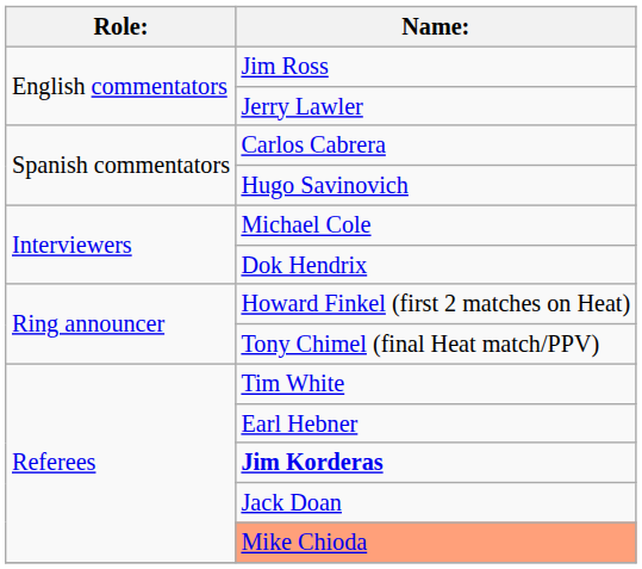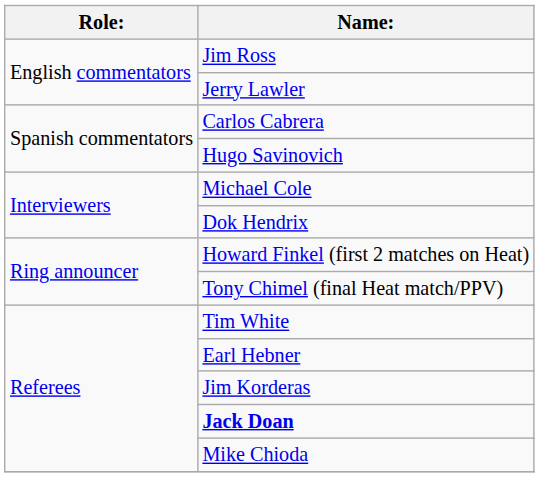 <table class=wikitable style="font-size:90%; margin: 0.5em 0 0.5em 1em; float: right; clear: right;">
 <tr>
 <th>Role:</th>
 <th>Name:</th>
 </tr>
 <tr>
 <td rowspan="2">English <a href='#'>commentators</a></td>
 <td><a href='#'>Jim Ross</a></td>
 </tr>
 <tr>
 <td><a href='#'>Jerry Lawler</a></td>
 </tr>
 <tr>
 <td rowspan="2">Spanish commentators</td>
 <td><a href='#'>Carlos Cabrera</a></td>
 </tr>
 <tr>
 <td><a href='#'>Hugo Savinovich</a></td>
 </tr>
 <tr>
 <td rowspan="2"><a href='#'>Interviewers</a></td>
 <td><a href='#'>Michael Cole</a></td>
 </tr>
 <tr>
 <td><a href='#'>Dok Hendrix</a></td>
 </tr>
 <tr>
 <td rowspan="2"><a href='#'>Ring announcer</a></td>
 <td><a href='#'>Howard Finkel</a> (first 2 matches on Heat)</td>
 </tr>
 <tr>
 <td><a href='#'>Tony Chimel</a> (final Heat match/PPV)</td>
 </tr>
 <tr>
 <td rowspan="5"><a href='#'>Referees</a></td>
 <td><a href='#'>Tim White</a></td>
 </tr>
 <tr>
 <td><a href='#'>Earl Hebner</a></td>
 </tr>
 <tr>
-<td><strong><a href='#'>Jim Korderas</a></strong></td>
+<td><a href='#'>Jim Korderas</a></td>
 </tr>
 <tr>
-<td><a href='#'>Jack Doan</a></td>
+<td><strong><a href='#'>Jack Doan</a></strong></td>
 </tr>
 <tr>
-<td style="background: lightsalmon;"><a href='#'>Mike Chioda</a></td>
+<td><a href='#'>Mike Chioda</a></td>
 </tr>
 <tr>
 </tr>
 </table>
